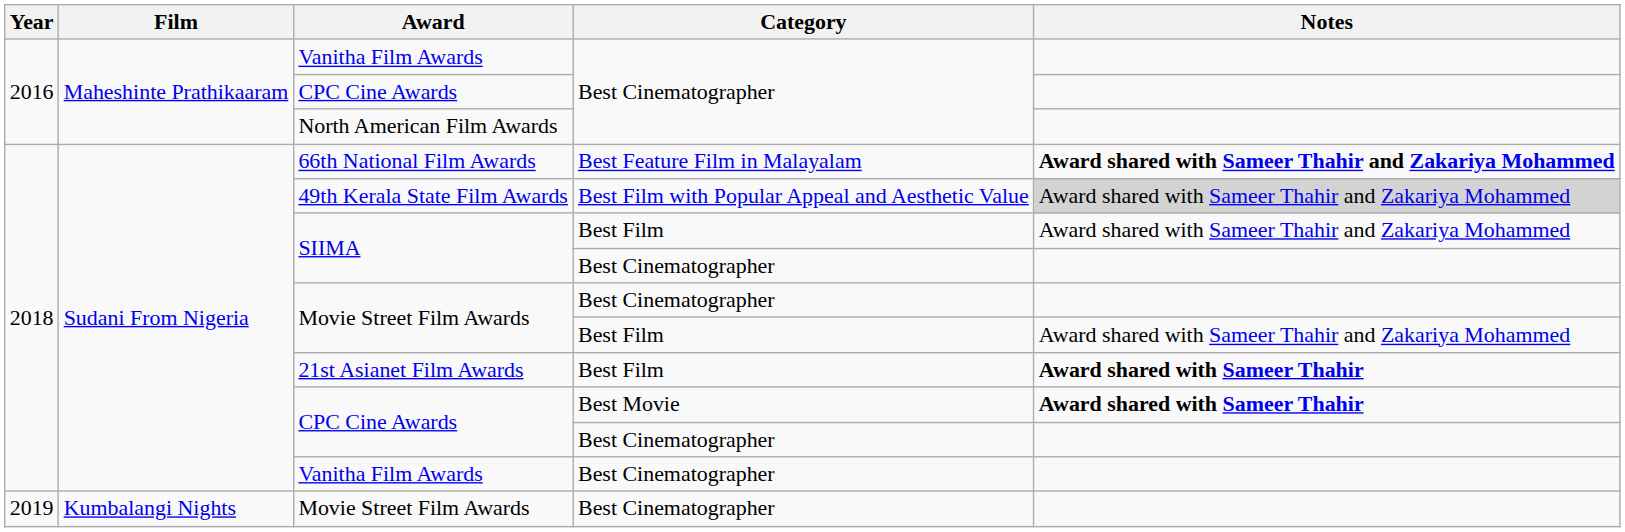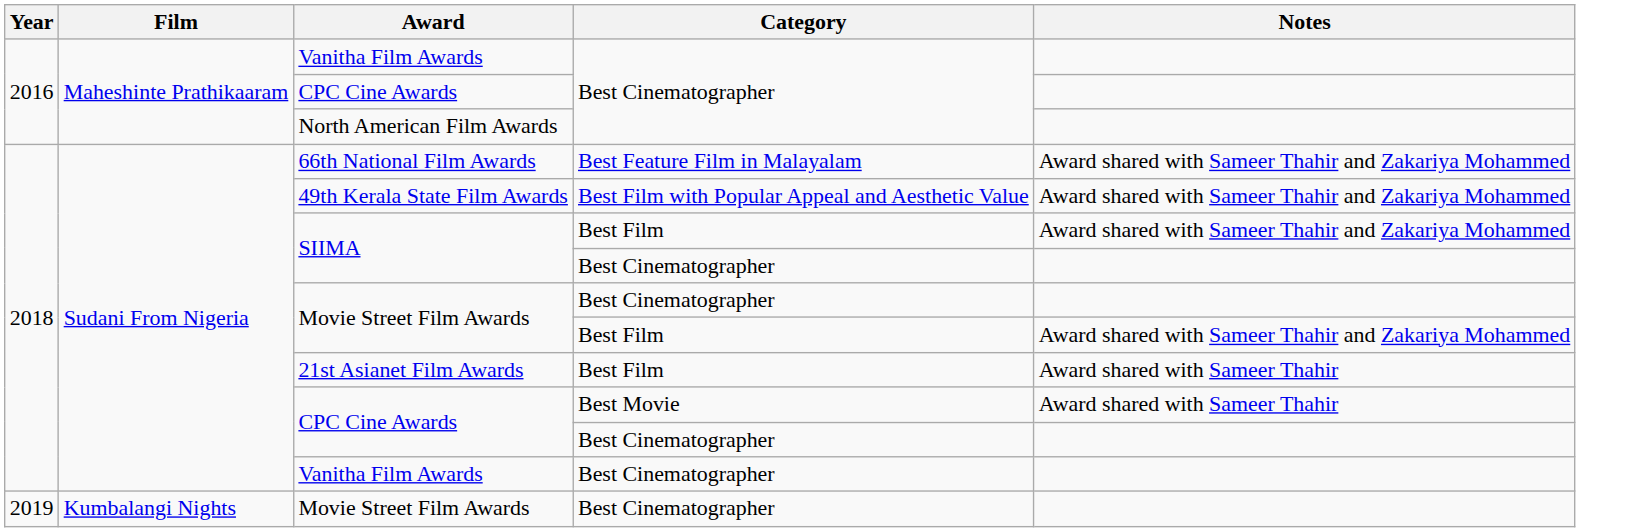 <table class="wikitable">
 <tr>
 <th>Year</th>
 <th>Film</th>
 <th>Award</th>
 <th>Category</th>
 <th>Notes</th>
 </tr>
 <tr>
 <td rowspan=3>2016</td>
 <td rowspan=3><a href='#'>Maheshinte Prathikaaram</a></td>
 <td><a href='#'>Vanitha Film Awards</a></td>
 <td rowspan=3>Best Cinematographer</td>
 <td></td>
 </tr>
 <tr>
 <td><a href='#'>CPC Cine Awards</a></td>
 <td></td>
 </tr>
 <tr>
 <td>North American Film Awards</td>
 <td></td>
 </tr>
 <tr>
 <td rowspan=10>2018</td>
 <td rowspan=10><a href='#'>Sudani From Nigeria</a></td>
 <td><a href='#'>66th National Film Awards</a></td>
 <td><a href='#'>Best Feature Film in Malayalam</a></td>
-<td><strong>Award shared with <a href='#'>Sameer Thahir</a> and <a href='#'>Zakariya Mohammed</a></strong></td>
+<td>Award shared with <a href='#'>Sameer Thahir</a> and <a href='#'>Zakariya Mohammed</a></td>
 </tr>
 <tr>
 <td><a href='#'>49th Kerala State Film Awards</a></td>
 <td><a href='#'>Best Film with Popular Appeal and Aesthetic Value</a></td>
-<td style="background: lightgrey;">Award shared with <a href='#'>Sameer Thahir</a> and <a href='#'>Zakariya Mohammed</a></td>
+<td>Award shared with <a href='#'>Sameer Thahir</a> and <a href='#'>Zakariya Mohammed</a></td>
 </tr>
 <tr>
 <td rowspan=2><a href='#'>SIIMA</a></td>
 <td>Best Film</td>
 <td>Award shared with <a href='#'>Sameer Thahir</a> and <a href='#'>Zakariya Mohammed</a></td>
 </tr>
 <tr>
 <td>Best Cinematographer</td>
 <td></td>
 </tr>
 <tr>
 <td rowspan=2>Movie Street Film Awards</td>
 <td>Best Cinematographer</td>
 <td></td>
 </tr>
 <tr>
 <td>Best Film</td>
 <td>Award shared with <a href='#'>Sameer Thahir</a> and <a href='#'>Zakariya Mohammed</a></td>
 </tr>
 <tr>
 <td><a href='#'>21st Asianet Film Awards</a></td>
 <td>Best Film</td>
-<td><strong>Award shared with <a href='#'>Sameer Thahir</a></strong></td>
+<td>Award shared with <a href='#'>Sameer Thahir</a></td>
 </tr>
 <tr>
 <td rowspan=2><a href='#'>CPC Cine Awards</a></td>
 <td>Best Movie</td>
-<td><strong>Award shared with <a href='#'>Sameer Thahir</a></strong></td>
+<td>Award shared with <a href='#'>Sameer Thahir</a></td>
 </tr>
 <tr>
 <td>Best Cinematographer</td>
 <td></td>
 </tr>
 <tr>
 <td><a href='#'>Vanitha Film Awards</a></td>
 <td>Best Cinematographer</td>
 <td></td>
 </tr>
 <tr>
 <td>2019</td>
 <td><a href='#'>Kumbalangi Nights</a></td>
 <td>Movie Street Film Awards</td>
 <td>Best Cinematographer</td>
 <td></td>
 </tr>
 </table>
